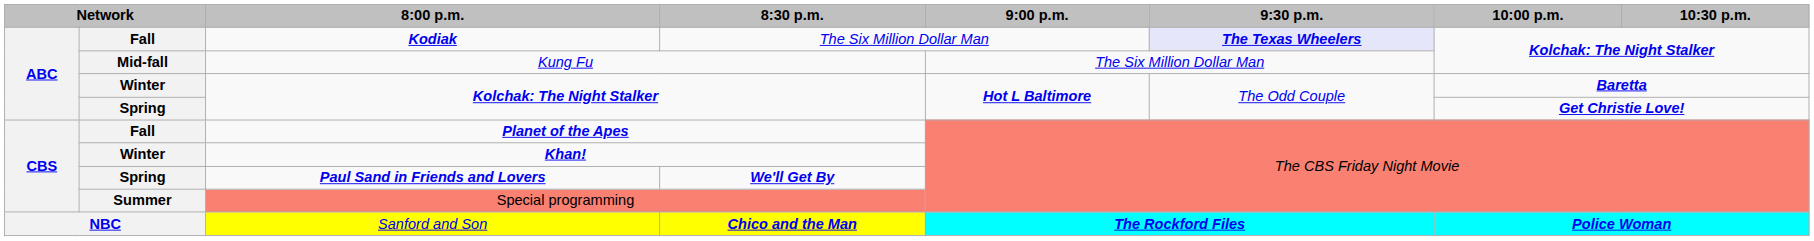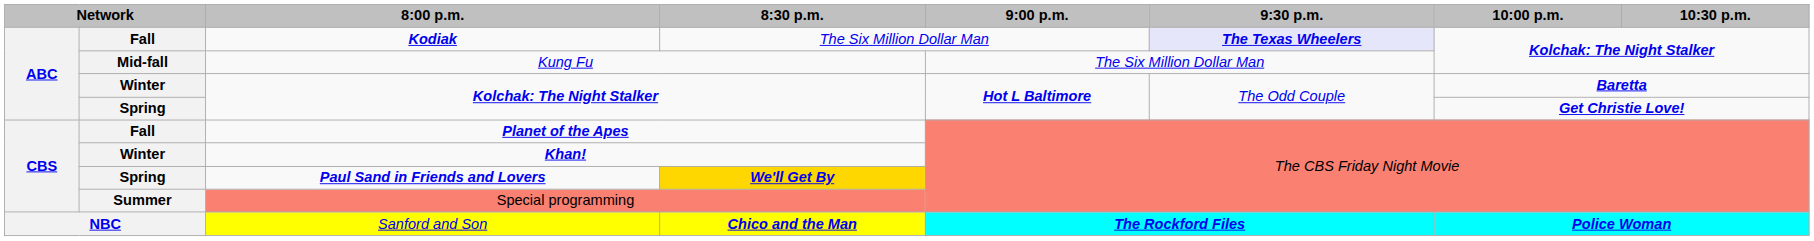 <table class="wikitable plainrowheaders" style="width:100%; margin:auto; text-align:center;">
 <tr>
 <th colspan="2" style="background-color:#C0C0C0;text-align:center">Network</th>
 <th style="background-color:#C0C0C0;text-align:center">8:00 p.m.</th>
 <th style="background-color:#C0C0C0;text-align:center">8:30 p.m.</th>
 <th style="background-color:#C0C0C0;text-align:center">9:00 p.m.</th>
 <th style="background-color:#C0C0C0;text-align:center">9:30 p.m.</th>
 <th style="background-color:#C0C0C0;text-align:center">10:00 p.m.</th>
 <th style="background-color:#C0C0C0;text-align:center">10:30 p.m.</th>
 </tr>
 <tr>
 <th rowspan="4"><a href='#'>ABC</a></th>
 <th>Fall</th>
 <td><strong><em><a href='#'>Kodiak</a></em></strong></td>
 <td colspan="2"><em><a href='#'>The Six Million Dollar Man</a></em></td>
 <td style="background: lavender;"><strong><em><a href='#'>The Texas Wheelers</a></em></strong></td>
 <td colspan="2" rowspan="2"><strong><em><a href='#'>Kolchak: The Night Stalker</a></em></strong></td>
 </tr>
 <tr>
 <th>Mid-fall</th>
 <td colspan="2"><em><a href='#'>Kung Fu</a></em></td>
 <td colspan="2"><em><a href='#'>The Six Million Dollar Man</a></em></td>
 </tr>
 <tr>
 <th>Winter</th>
 <td colspan="2" rowspan="2"><strong><em><a href='#'>Kolchak: The Night Stalker</a></em></strong></td>
 <td rowspan="2"><strong><em><a href='#'>Hot L Baltimore</a></em></strong></td>
 <td rowspan="2"><em><a href='#'>The Odd Couple</a></em></td>
 <td colspan="2"><strong><em><a href='#'>Baretta</a></em></strong></td>
 </tr>
 <tr>
 <th>Spring</th>
 <td colspan="2"><strong><em><a href='#'>Get Christie Love!</a></em></strong></td>
 </tr>
 <tr>
 <th rowspan="4"><a href='#'>CBS</a></th>
 <th>Fall</th>
 <td colspan="2"><strong><em><a href='#'>Planet of the Apes</a></em></strong></td>
 <td colspan="4" rowspan="4" style="background:#FA8072;"><em>The CBS Friday Night Movie</em></td>
 </tr>
 <tr>
 <th>Winter</th>
 <td colspan="2"><strong><em><a href='#'>Khan!</a></em></strong></td>
 </tr>
 <tr>
 <th>Spring</th>
 <td><strong><em><a href='#'>Paul Sand in Friends and Lovers</a></em></strong></td>
-<td><strong><em><a href='#'>We'll Get By</a></em></strong></td>
+<td style="background: gold;"><strong><em><a href='#'>We'll Get By</a></em></strong></td>
 </tr>
 <tr>
 <th>Summer</th>
 <td colspan="2" style="background:#FA8072;">Special programming</td>
 </tr>
 <tr>
 <th colspan="2"><a href='#'>NBC</a></th>
 <td style="background:#FFFF00;"><em><a href='#'>Sanford and Son</a></em> </td>
 <td style="background:#FFFF00;"><strong><em><a href='#'>Chico and the Man</a></em></strong> </td>
 <td style="background:#00FFFF;" colspan="2"><strong><em><a href='#'>The Rockford Files</a></em></strong> </td>
 <td style="background:#00FFFF;" colspan="2"><strong><em><a href='#'>Police Woman</a></em></strong> </td>
 </tr>
 </table>
